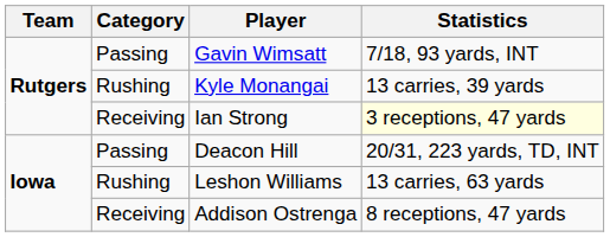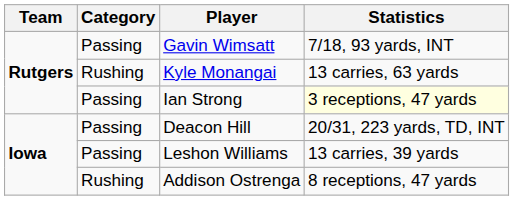 <table class="wikitable" style="float: left;">
 <tr>
 <th>Team</th>
 <th>Category</th>
 <th>Player</th>
 <th>Statistics</th>
 </tr>
 <tr>
 <td rowspan=3><strong>Rutgers</strong></td>
 <td>Passing</td>
 <td><a href='#'>Gavin Wimsatt</a></td>
 <td>7/18, 93 yards, INT</td>
 </tr>
 <tr>
 <td>Rushing</td>
 <td><a href='#'>Kyle Monangai</a></td>
-<td>13 carries, 39 yards</td>
+<td>13 carries, 63 yards</td>
 </tr>
 <tr>
-<td>Receiving</td>
+<td>Passing</td>
 <td>Ian Strong</td>
 <td style="background: lightyellow;">3 receptions, 47 yards</td>
 </tr>
 <tr>
 <td rowspan=3><strong>Iowa</strong></td>
 <td>Passing</td>
 <td>Deacon Hill</td>
 <td>20/31, 223 yards, TD, INT</td>
 </tr>
 <tr>
-<td>Rushing</td>
+<td>Passing</td>
 <td>Leshon Williams</td>
-<td>13 carries, 63 yards</td>
+<td>13 carries, 39 yards</td>
 </tr>
 <tr>
-<td>Receiving</td>
+<td>Rushing</td>
 <td>Addison Ostrenga</td>
 <td>8 receptions, 47 yards</td>
 </tr>
 </table>
